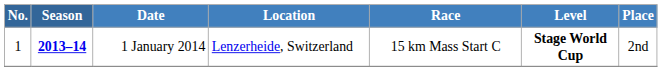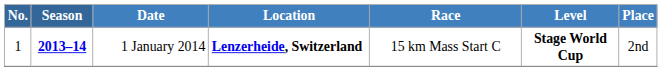 <table class="wikitable sortable" style="font-size:95%; text-align:center; border:grey solid 1px; border-collapse:collapse; background:#ffffff;">
 <tr style="background:#efefef;">
 <th style="background-color:#369; color:white;">No.</th>
 <th style="background-color:#369; color:white;">Season</th>
 <th style="background-color:#4180be; color:white; width:120px;">Date</th>
 <th style="background-color:#4180be; color:white; width:170px;">Location</th>
 <th style="background-color:#4180be; color:white; width:160px;">Race</th>
 <th style="background-color:#4180be; color:white; width:100px;">Level</th>
 <th style="background-color:#4180be; color:white;">Place</th>
 </tr>
 <tr>
 <td align=center>1</td>
 <td rowspan=1 align=center><strong> <a href='#'>2013–14</a> </strong></td>
 <td align=right>1 January 2014</td>
-<td align=left> <a href='#'>Lenzerheide</a>, Switzerland</td>
+<td align=left><strong> <a href='#'>Lenzerheide</a>, Switzerland</strong></td>
 <td>15 km Mass Start C</td>
 <td><strong>Stage World Cup</strong></td>
 <td>2nd</td>
 </tr>
 <tr>
 </tr>
 </table>
